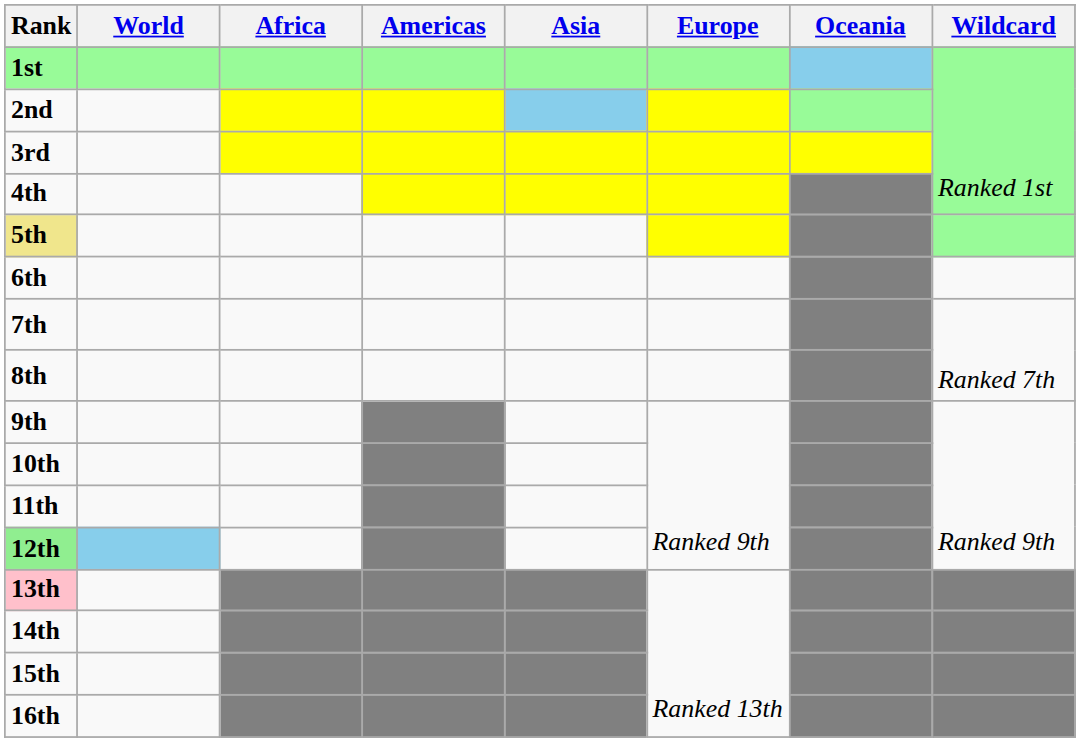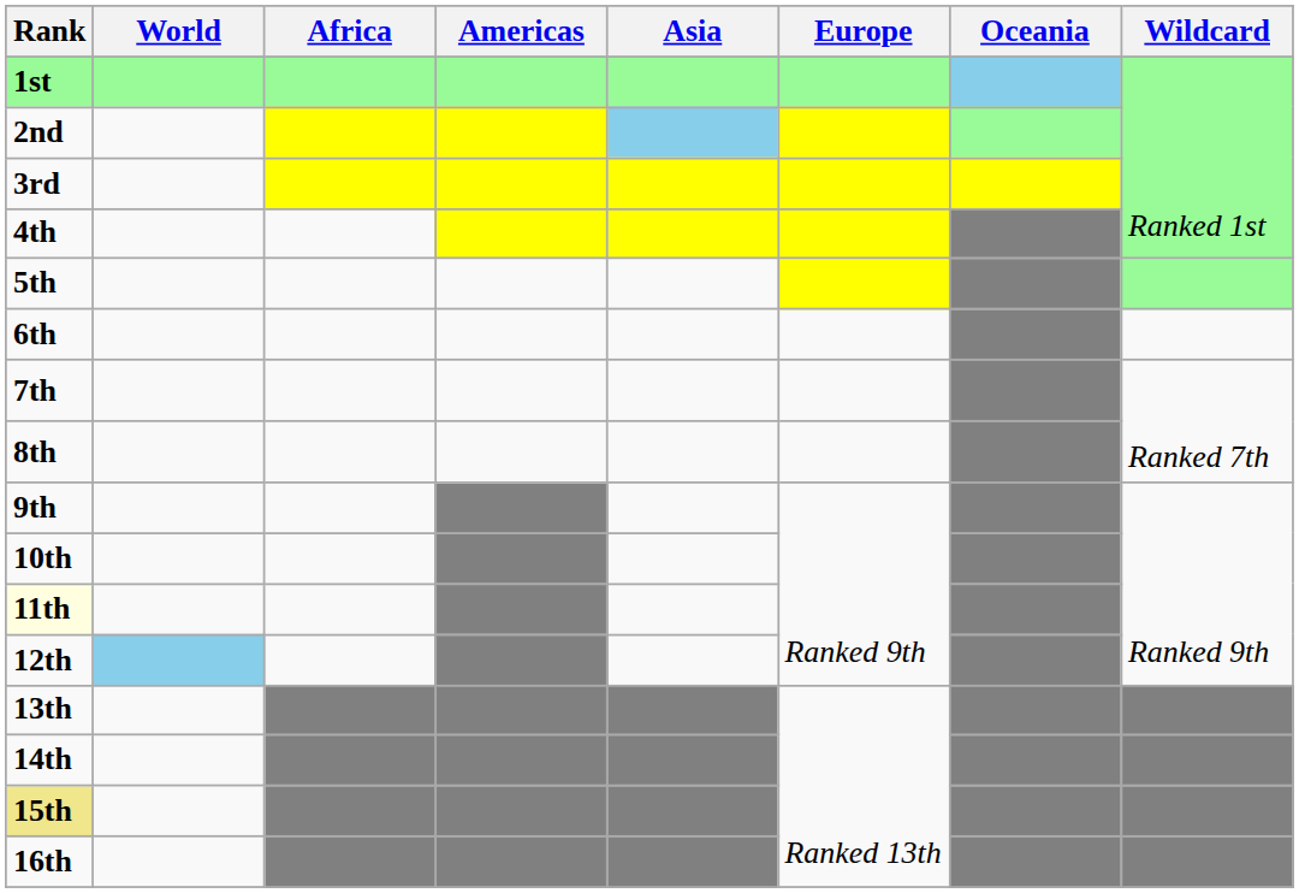 <table class=wikitable  style="font-size:92%;">
 <tr>
 <th width=4%>Rank</th>
 <th width=13.5%><a href='#'>World</a></th>
 <th width=13.5%><a href='#'>Africa</a></th>
 <th width=13.5%><a href='#'>Americas</a></th>
 <th width=13.5%><a href='#'>Asia</a></th>
 <th width=13.5%><a href='#'>Europe</a></th>
 <th width=13.5%><a href='#'>Oceania</a></th>
 <th width=13.5%><a href='#'>Wildcard</a></th>
 </tr>
 <tr bgcolor="#98fb98">
 <td><strong>1st</strong></td>
 <td></td>
 <td></td>
 <td></td>
 <td></td>
 <td></td>
 <td bgcolor=skyblue></td>
 <td rowspan=4 valign=top> <br>  <br> <br> <br> <em>Ranked 1st</em></td>
 </tr>
 <tr>
 <td><strong>2nd</strong></td>
 <td></td>
 <td bgcolor=yellow></td>
 <td bgcolor=yellow></td>
 <td bgcolor=skyblue></td>
 <td bgcolor=yellow></td>
 <td bgcolor=#98fb98></td>
 </tr>
 <tr>
 <td><strong>3rd</strong></td>
 <td></td>
 <td bgcolor=yellow></td>
 <td bgcolor=yellow></td>
 <td bgcolor=yellow></td>
 <td bgcolor=yellow></td>
 <td bgcolor=yellow></td>
 </tr>
 <tr>
 <td><strong>4th</strong></td>
 <td></td>
 <td></td>
 <td bgcolor=yellow></td>
 <td bgcolor=yellow></td>
 <td bgcolor=yellow></td>
 <td bgcolor=gray></td>
 </tr>
 <tr>
-<td style="background: khaki;"><strong>5th</strong></td>
+<td><strong>5th</strong></td>
 <td></td>
 <td></td>
 <td></td>
 <td></td>
 <td bgcolor=yellow></td>
 <td bgcolor=gray></td>
 <td bgcolor="#98fb98"></td>
 </tr>
 <tr>
 <td><strong>6th</strong></td>
 <td></td>
 <td></td>
 <td></td>
 <td></td>
 <td></td>
 <td bgcolor=gray></td>
 <td></td>
 </tr>
 <tr>
 <td><strong>7th</strong></td>
 <td></td>
 <td></td>
 <td></td>
 <td></td>
 <td></td>
 <td bgcolor=gray></td>
 <td rowspan=2><br><br> <em>Ranked 7th</em></td>
 </tr>
 <tr>
 <td><strong>8th</strong></td>
 <td></td>
 <td></td>
 <td></td>
 <td></td>
 <td></td>
 <td bgcolor=gray></td>
 </tr>
 <tr>
 <td><strong>9th</strong></td>
 <td></td>
 <td></td>
 <td bgcolor=gray></td>
 <td></td>
 <td rowspan=4 valign=top><br><br><br><br><em>Ranked 9th</em></td>
 <td bgcolor=gray></td>
 <td rowspan=4 valign=top><br><br><br> <br> <em>Ranked 9th</em></td>
 </tr>
 <tr>
 <td><strong>10th</strong></td>
 <td></td>
 <td></td>
 <td bgcolor=gray></td>
 <td></td>
 <td bgcolor=gray></td>
 </tr>
 <tr>
-<td><strong>11th</strong></td>
+<td style="background: lightyellow;"><strong>11th</strong></td>
 <td></td>
 <td></td>
 <td bgcolor=gray></td>
 <td></td>
 <td bgcolor=gray></td>
 </tr>
 <tr>
-<td style="background: lightgreen;"><strong>12th</strong></td>
+<td><strong>12th</strong></td>
 <td bgcolor=skyblue></td>
 <td></td>
 <td bgcolor=gray></td>
 <td></td>
 <td bgcolor=gray></td>
 </tr>
 <tr>
-<td style="background: pink;"><strong>13th</strong></td>
+<td><strong>13th</strong></td>
 <td></td>
 <td bgcolor=gray></td>
 <td bgcolor=gray></td>
 <td bgcolor=gray></td>
 <td rowspan=4 valign=top><br><br><br><br><em>Ranked 13th</em></td>
 <td bgcolor=gray></td>
 <td bgcolor=gray></td>
 </tr>
 <tr>
 <td><strong>14th</strong></td>
 <td></td>
 <td bgcolor=gray></td>
 <td bgcolor=gray></td>
 <td bgcolor=gray></td>
 <td bgcolor=gray></td>
 <td bgcolor=gray></td>
 </tr>
 <tr>
-<td><strong>15th</strong></td>
+<td style="background: khaki;"><strong>15th</strong></td>
 <td></td>
 <td bgcolor=gray></td>
 <td bgcolor=gray></td>
 <td bgcolor=gray></td>
 <td bgcolor=gray></td>
 <td bgcolor=gray></td>
 </tr>
 <tr>
 <td><strong>16th</strong></td>
 <td></td>
 <td bgcolor=gray></td>
 <td bgcolor=gray></td>
 <td bgcolor=gray></td>
 <td bgcolor=gray></td>
 <td bgcolor=gray></td>
 </tr>
 </table>
